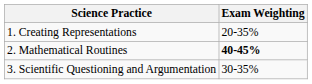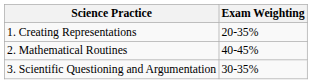 <table class="wikitable">
 <tr>
 <th>Science Practice</th>
 <th>Exam Weighting</th>
 </tr>
 <tr>
 <td>1. Creating Representations</td>
 <td>20-35%</td>
 </tr>
 <tr>
 <td>2. Mathematical Routines</td>
-<td><strong>40-45%</strong></td>
+<td>40-45%</td>
 </tr>
 <tr>
 <td>3. Scientific Questioning and Argumentation</td>
 <td>30-35%</td>
 </tr>
 </table>
